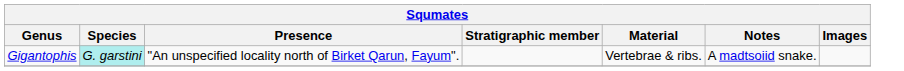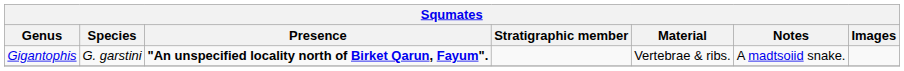 <table class="wikitable" align="center">
 <tr>
 <th colspan="7" align="center"><strong><a href='#'>Squmates</a></strong></th>
 </tr>
 <tr>
 <th>Genus</th>
 <th>Species</th>
 <th>Presence</th>
 <th><strong>Stratigraphic member</strong></th>
 <th><strong>Material</strong></th>
 <th>Notes</th>
 <th>Images</th>
 </tr>
 <tr>
 <td><em><a href='#'>Gigantophis</a></em></td>
-<td style="background: paleturquoise;"><em>G. garstini</em></td>
-<td>"An unspecified locality north of <a href='#'>Birket Qarun</a>, <a href='#'>Fayum</a>".</td>
+<td><em>G. garstini</em></td>
+<td><strong>"An unspecified locality north of <a href='#'>Birket Qarun</a>, <a href='#'>Fayum</a>".</strong></td>
 <td></td>
 <td>Vertebrae & ribs.</td>
 <td>A <a href='#'>madtsoiid</a> snake.</td>
 <td></td>
 </tr>
 <tr>
 </tr>
 </table>
